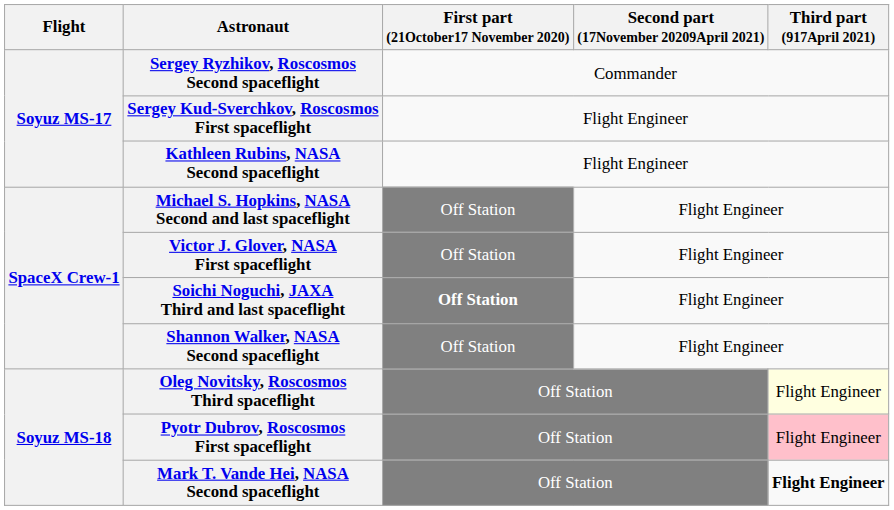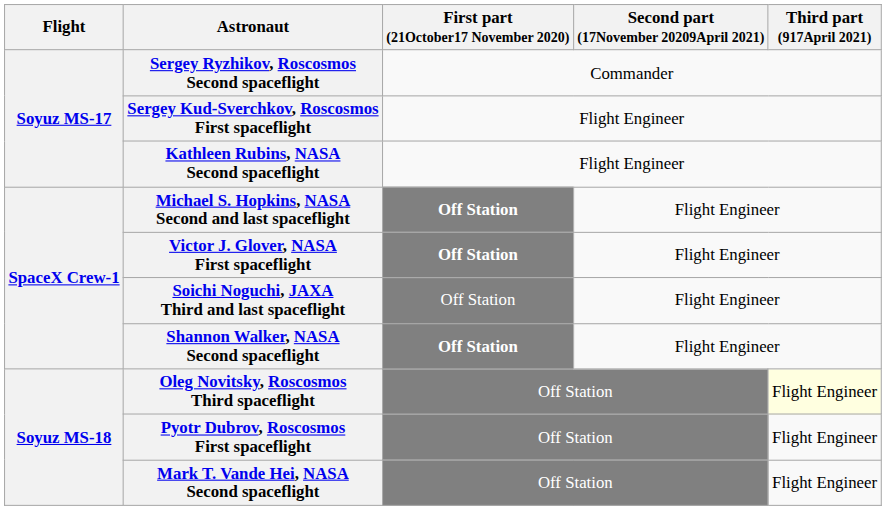 <table class="wikitable" style="text-align:center;">
 <tr>
 <th>Flight</th>
 <th>Astronaut</th>
 <th>First part<br><small>(21October17 November 2020)</small></th>
 <th>Second part<br><small>(17November 20209April 2021)</small></th>
 <th>Third part<br><small>(917April 2021)</small></th>
 </tr>
 <tr>
 <th rowspan="3"><a href='#'>Soyuz MS-17</a></th>
 <th> <a href='#'>Sergey Ryzhikov</a>, <a href='#'>Roscosmos</a><br>Second spaceflight</th>
 <td colspan="3">Commander</td>
 </tr>
 <tr>
 <th> <a href='#'>Sergey Kud-Sverchkov</a>, <a href='#'>Roscosmos</a><br>First spaceflight</th>
 <td colspan="3">Flight Engineer</td>
 </tr>
 <tr>
 <th> <a href='#'>Kathleen Rubins</a>, <a href='#'>NASA</a><br>Second spaceflight</th>
 <td colspan="3">Flight Engineer</td>
 </tr>
 <tr>
 <th rowspan="4"><a href='#'>SpaceX Crew-1</a></th>
 <th> <a href='#'>Michael S. Hopkins</a>, <a href='#'>NASA</a><br>Second and last spaceflight</th>
+<td style="background:grey; color:white;"colspan="1"><strong>Off Station</strong></td>
+<td colspan="2">Flight Engineer</td>
+</tr>
+<tr>
+<th> <a href='#'>Victor J. Glover</a>, <a href='#'>NASA</a><br>First spaceflight</th>
+<td style="background:grey; color:white;"colspan="1"><strong>Off Station</strong></td>
+<td colspan="2">Flight Engineer</td>
+</tr>
+<tr>
+<th> <a href='#'>Soichi Noguchi</a>, <a href='#'>JAXA</a><br>Third and last spaceflight</th>
 <td style="background:grey; color:white;"colspan="1">Off Station</td>
 <td colspan="2">Flight Engineer</td>
 </tr>
 <tr>
-<th> <a href='#'>Victor J. Glover</a>, <a href='#'>NASA</a><br>First spaceflight</th>
-<td style="background:grey; color:white;"colspan="1">Off Station</td>
-<td colspan="2">Flight Engineer</td>
-</tr>
-<tr>
-<th> <a href='#'>Soichi Noguchi</a>, <a href='#'>JAXA</a><br>Third and last spaceflight</th>
+<th> <a href='#'>Shannon Walker</a>, <a href='#'>NASA</a><br>Second spaceflight</th>
 <td style="background:grey; color:white;"colspan="1"><strong>Off Station</strong></td>
-<td colspan="2">Flight Engineer</td>
-</tr>
-<tr>
-<th> <a href='#'>Shannon Walker</a>, <a href='#'>NASA</a><br>Second spaceflight</th>
-<td style="background:grey; color:white;"colspan="1">Off Station</td>
 <td colspan="2">Flight Engineer</td>
 </tr>
 <tr>
 <th rowspan="3"><a href='#'>Soyuz MS-18</a></th>
 <th> <a href='#'>Oleg Novitsky</a>, <a href='#'>Roscosmos</a><br> Third spaceflight</th>
 <td style="background:grey; color:white;"colspan="2">Off Station</td>
 <td colspan="1" style="background: lightyellow;">Flight Engineer</td>
 </tr>
 <tr>
 <th> <a href='#'>Pyotr Dubrov</a>, <a href='#'>Roscosmos</a> <br> First spaceflight</th>
 <td style="background:grey; color:white;"colspan="2">Off Station</td>
-<td colspan="1" style="background: pink;">Flight Engineer</td>
+<td colspan="1">Flight Engineer</td>
 </tr>
 <tr>
 <th> <a href='#'>Mark T. Vande Hei</a>, <a href='#'>NASA</a> <br> Second spaceflight</th>
 <td style="background:grey; color:white;"colspan="2">Off Station</td>
-<td colspan="1"><strong>Flight Engineer</strong></td>
+<td colspan="1">Flight Engineer</td>
 </tr>
 </table>
